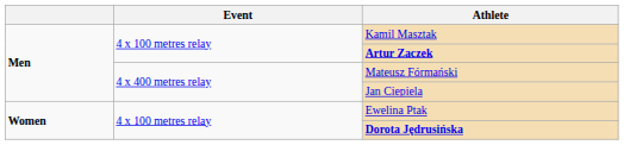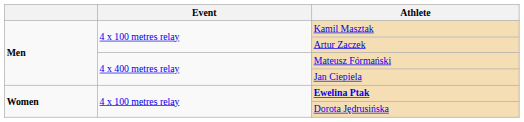 <table class="wikitable"  style="font-size:90%; width:60%;">
 <tr>
 <th></th>
 <th>Event</th>
 <th>Athlete</th>
 </tr>
 <tr>
 <td rowspan=4><strong>Men</strong></td>
 <td rowspan=2><a href='#'>4 x 100 metres relay</a></td>
 <td style="background:wheat;"><a href='#'>Kamil Masztak</a></td>
 </tr>
 <tr>
-<td style="background:wheat;"><strong><a href='#'>Artur Zaczek</a></strong></td>
+<td style="background:wheat;"><a href='#'>Artur Zaczek</a></td>
 </tr>
 <tr>
 <td rowspan=2><a href='#'>4 x 400 metres relay</a></td>
 <td style="background:wheat;"><a href='#'>Mateusz Fórmański</a></td>
 </tr>
 <tr>
 <td style="background:wheat;"><a href='#'>Jan Ciepiela</a></td>
 </tr>
 <tr>
 <td rowspan=2><strong>Women</strong></td>
 <td rowspan=2><a href='#'>4 x 100 metres relay</a></td>
-<td style="background:wheat;"><a href='#'>Ewelina Ptak</a></td>
+<td style="background:wheat;"><strong><a href='#'>Ewelina Ptak</a></strong></td>
 </tr>
 <tr>
-<td style="background:wheat;"><strong><a href='#'>Dorota Jędrusińska</a></strong></td>
+<td style="background:wheat;"><a href='#'>Dorota Jędrusińska</a></td>
 </tr>
 </table>
